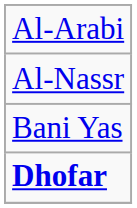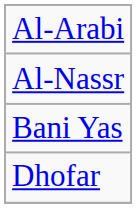 <table class="wikitable">
 <tr>
 <td> <a href='#'>Al-Arabi</a></td>
 </tr>
 <tr>
 <td> <a href='#'>Al-Nassr</a></td>
 </tr>
 <tr>
 <td> <a href='#'>Bani Yas</a></td>
 </tr>
 <tr>
-<td><strong> <a href='#'>Dhofar</a></strong></td>
+<td> <a href='#'>Dhofar</a></td>
 </tr>
 <tr>
 </tr>
 </table>
